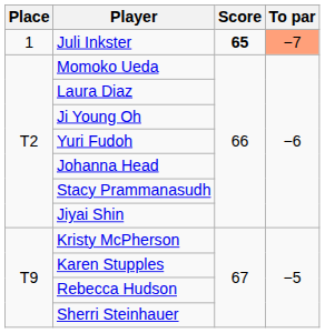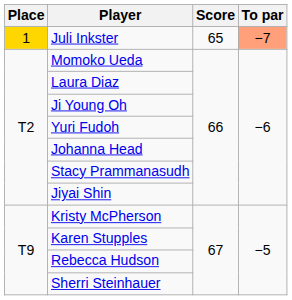 <table class="wikitable">
 <tr>
 <th>Place</th>
 <th>Player</th>
 <th>Score</th>
 <th>To par</th>
 </tr>
 <tr>
-<td align=center>1</td>
+<td align=center style="background: gold;">1</td>
 <td> <a href='#'>Juli Inkster</a></td>
-<td align=center><strong>65</strong></td>
+<td align=center>65</td>
 <td align=center style="background: lightsalmon;">−7</td>
 </tr>
 <tr>
 <td rowspan="7" align=center>T2</td>
 <td> <a href='#'>Momoko Ueda</a></td>
 <td rowspan="7" align=center>66</td>
 <td rowspan="7" align=center>−6</td>
 </tr>
 <tr>
 <td> <a href='#'>Laura Diaz</a></td>
 </tr>
 <tr>
 <td> <a href='#'>Ji Young Oh</a></td>
 </tr>
 <tr>
 <td> <a href='#'>Yuri Fudoh</a></td>
 </tr>
 <tr>
 <td> <a href='#'>Johanna Head</a></td>
 </tr>
 <tr>
 <td> <a href='#'>Stacy Prammanasudh</a></td>
 </tr>
 <tr>
 <td> <a href='#'>Jiyai Shin</a></td>
 </tr>
 <tr>
 <td rowspan="4" align=center>T9</td>
 <td> <a href='#'>Kristy McPherson</a></td>
 <td rowspan="4" align=center>67</td>
 <td rowspan="4" align=center>−5</td>
 </tr>
 <tr>
 <td> <a href='#'>Karen Stupples</a></td>
 </tr>
 <tr>
 <td> <a href='#'>Rebecca Hudson</a></td>
 </tr>
 <tr>
 <td> <a href='#'>Sherri Steinhauer</a></td>
 </tr>
 </table>
